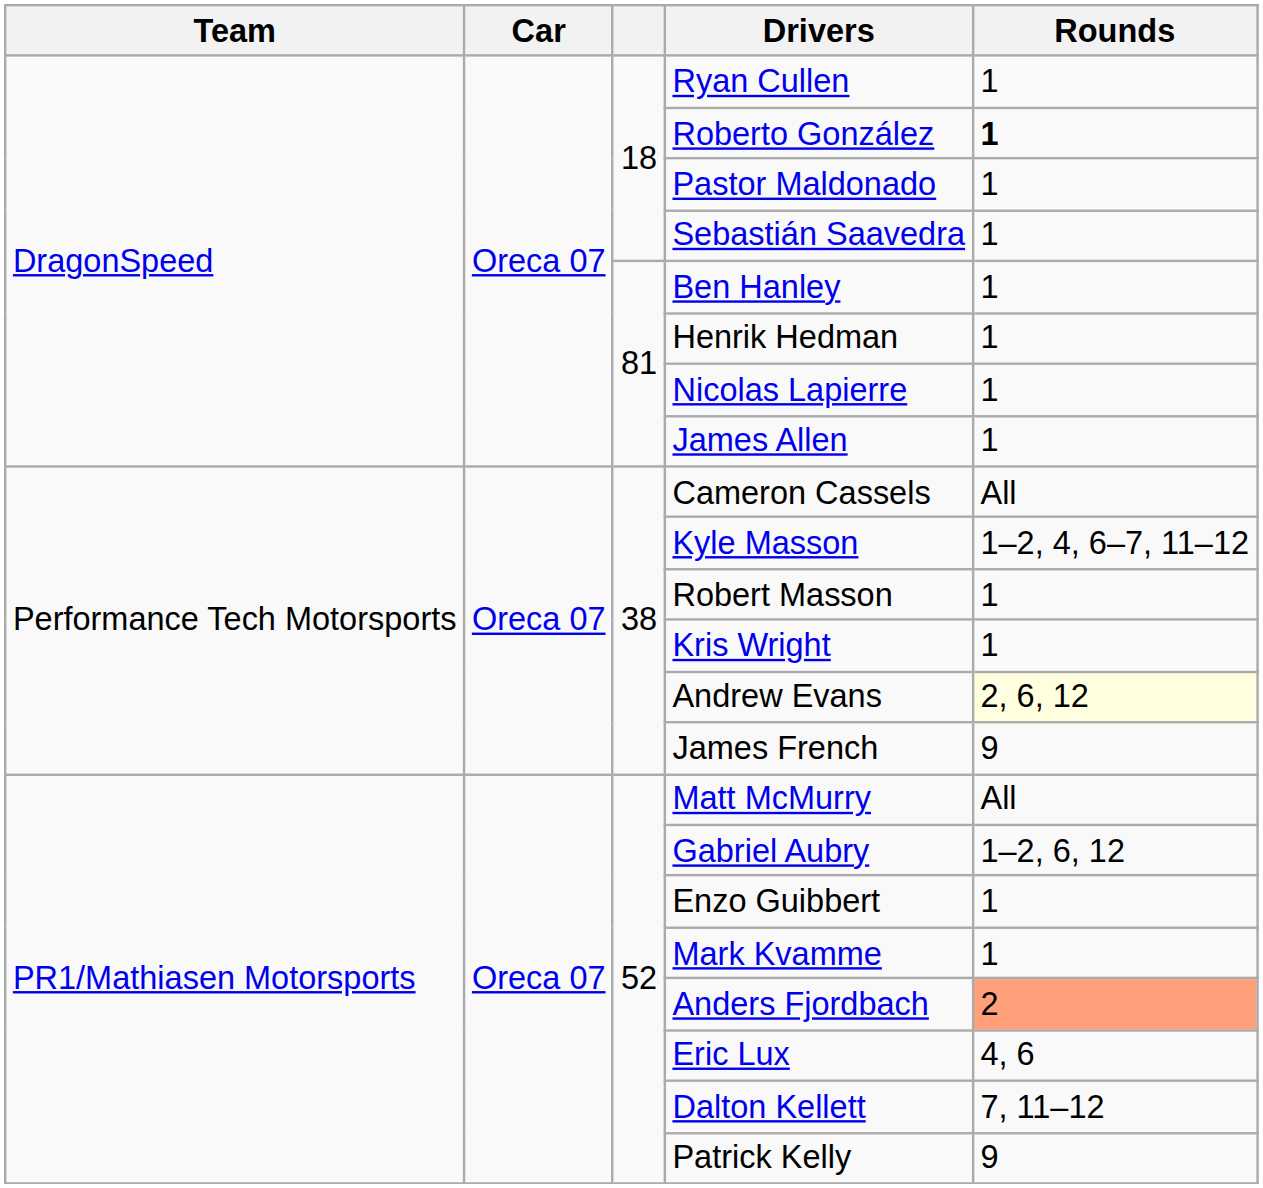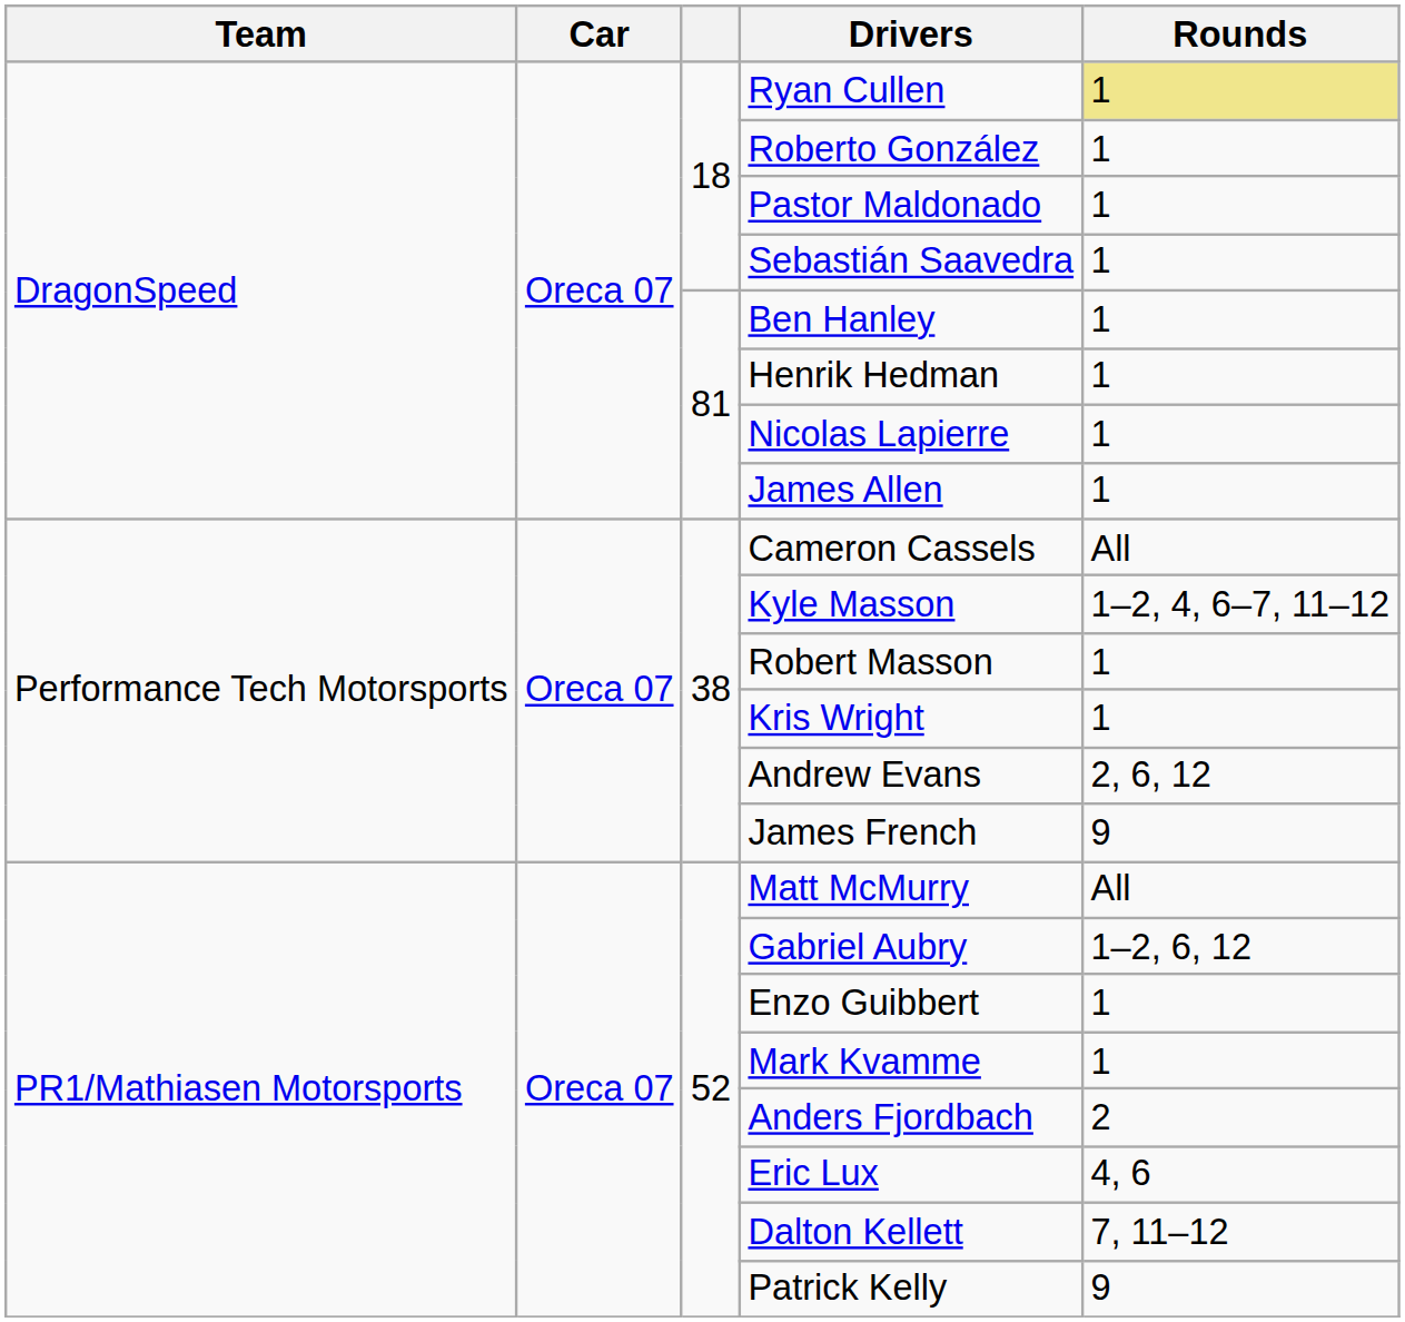 <table class="wikitable" style="font-size: 85%">
 <tr>
 <th>Team</th>
 <th>Car</th>
 <th></th>
 <th>Drivers</th>
 <th>Rounds</th>
 </tr>
 <tr>
 <td rowspan=8> <a href='#'>DragonSpeed</a></td>
 <td rowspan=8><a href='#'>Oreca 07</a></td>
 <td rowspan=4 align="center">18</td>
 <td> <a href='#'>Ryan Cullen</a></td>
-<td>1</td>
+<td style="background: khaki;">1</td>
 </tr>
 <tr>
 <td> <a href='#'>Roberto González</a></td>
-<td><strong>1</strong></td>
+<td>1</td>
 </tr>
 <tr>
 <td> <a href='#'>Pastor Maldonado</a></td>
 <td>1</td>
 </tr>
 <tr>
 <td> <a href='#'>Sebastián Saavedra</a></td>
 <td>1</td>
 </tr>
 <tr>
 <td rowspan=4 align="center">81</td>
 <td> <a href='#'>Ben Hanley</a></td>
 <td>1</td>
 </tr>
 <tr>
 <td> Henrik Hedman</td>
 <td>1</td>
 </tr>
 <tr>
 <td> <a href='#'>Nicolas Lapierre</a></td>
 <td>1</td>
 </tr>
 <tr>
 <td> <a href='#'>James Allen</a></td>
 <td>1</td>
 </tr>
 <tr>
 <td rowspan=6> Performance Tech Motorsports</td>
 <td rowspan=6><a href='#'>Oreca 07</a></td>
 <td rowspan=6 align="center">38</td>
 <td> Cameron Cassels</td>
 <td>All</td>
 </tr>
 <tr>
 <td> <a href='#'>Kyle Masson</a></td>
 <td>1–2, 4, 6–7, 11–12</td>
 </tr>
 <tr>
 <td> Robert Masson</td>
 <td>1</td>
 </tr>
 <tr>
 <td> <a href='#'>Kris Wright</a></td>
 <td>1</td>
 </tr>
 <tr>
 <td> Andrew Evans</td>
-<td style="background: lightyellow;">2, 6, 12</td>
+<td>2, 6, 12</td>
 </tr>
 <tr>
 <td> James French</td>
 <td>9</td>
 </tr>
 <tr>
 <td rowspan=8> <a href='#'>PR1/Mathiasen Motorsports</a></td>
 <td rowspan=8><a href='#'>Oreca 07</a></td>
 <td rowspan=8 align="center">52</td>
 <td> <a href='#'>Matt McMurry</a></td>
 <td>All</td>
 </tr>
 <tr>
 <td> <a href='#'>Gabriel Aubry</a></td>
 <td>1–2, 6, 12</td>
 </tr>
 <tr>
 <td> Enzo Guibbert</td>
 <td>1</td>
 </tr>
 <tr>
 <td> <a href='#'>Mark Kvamme</a></td>
 <td>1</td>
 </tr>
 <tr>
 <td> <a href='#'>Anders Fjordbach</a></td>
-<td style="background: lightsalmon;">2</td>
+<td>2</td>
 </tr>
 <tr>
 <td> <a href='#'>Eric Lux</a></td>
 <td>4, 6</td>
 </tr>
 <tr>
 <td> <a href='#'>Dalton Kellett</a></td>
 <td>7, 11–12</td>
 </tr>
 <tr>
 <td> Patrick Kelly</td>
 <td>9</td>
 </tr>
 </table>
